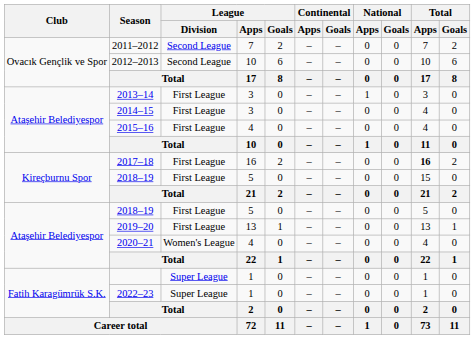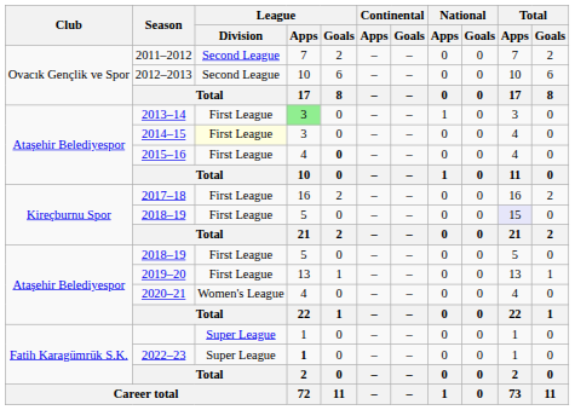 <table class="wikitable" style="text-align: center;">
 <tr>
 <th rowspan=2>Club</th>
 <th rowspan=2>Season</th>
 <th colspan=3>League</th>
 <th colspan=2>Continental</th>
 <th colspan=2>National</th>
 <th colspan=2>Total</th>
 </tr>
 <tr>
 <th>Division</th>
 <th>Apps</th>
 <th>Goals</th>
 <th>Apps</th>
 <th>Goals</th>
 <th>Apps</th>
 <th>Goals</th>
 <th>Apps</th>
 <th>Goals</th>
 </tr>
 <tr>
 <td rowspan=3>Ovacık Gençlik ve Spor</td>
 <td>2011–2012</td>
 <td><a href='#'>Second League</a></td>
 <td>7</td>
 <td>2</td>
 <td>–</td>
 <td>–</td>
 <td>0</td>
 <td>0</td>
 <td>7</td>
 <td>2</td>
 </tr>
 <tr>
 <td>2012–2013</td>
 <td>Second League</td>
 <td>10</td>
 <td>6</td>
 <td>–</td>
 <td>–</td>
 <td>0</td>
 <td>0</td>
 <td>10</td>
 <td>6</td>
 </tr>
 <tr>
 <th colspan=2>Total</th>
 <th>17</th>
 <th>8</th>
 <th>–</th>
 <th>–</th>
 <th>0</th>
 <th>0</th>
 <th>17</th>
 <th>8</th>
 </tr>
 <tr>
 <td rowspan=4><a href='#'>Ataşehir Belediyespor</a></td>
 <td><a href='#'>2013–14</a></td>
 <td>First League</td>
-<td>3</td>
+<td style="background: lightgreen;">3</td>
 <td>0</td>
 <td>–</td>
 <td>–</td>
 <td>1</td>
 <td>0</td>
 <td>3</td>
 <td>0</td>
 </tr>
 <tr>
 <td><a href='#'>2014–15</a></td>
-<td>First League</td>
+<td style="background: lightyellow;">First League</td>
 <td>3</td>
 <td>0</td>
 <td>–</td>
 <td>–</td>
 <td>0</td>
 <td>0</td>
 <td>4</td>
 <td>0</td>
 </tr>
 <tr>
 <td><a href='#'>2015–16</a></td>
 <td>First League</td>
 <td>4</td>
-<td>0</td>
+<td><strong>0</strong></td>
 <td>–</td>
 <td>–</td>
 <td>0</td>
 <td>0</td>
 <td>4</td>
 <td>0</td>
 </tr>
 <tr>
 <th colspan=2>Total</th>
 <th>10</th>
 <th>0</th>
 <th>–</th>
 <th>–</th>
 <th>1</th>
 <th>0</th>
 <th>11</th>
 <th>0</th>
 </tr>
 <tr>
 <td rowspan=3><a href='#'>Kireçburnu Spor</a></td>
 <td><a href='#'>2017–18</a></td>
 <td>First League</td>
 <td>16</td>
 <td>2</td>
 <td>–</td>
 <td>–</td>
 <td>0</td>
 <td>0</td>
-<td><strong>16</strong></td>
+<td>16</td>
 <td>2</td>
 </tr>
 <tr>
 <td><a href='#'>2018–19</a></td>
 <td>First League</td>
 <td>5</td>
 <td>0</td>
 <td>–</td>
 <td>–</td>
 <td>0</td>
 <td>0</td>
-<td>15</td>
+<td style="background: lavender;">15</td>
 <td>0</td>
 </tr>
 <tr>
 <th colspan=2>Total</th>
 <th>21</th>
 <th>2</th>
 <th>–</th>
 <th>–</th>
 <th>0</th>
 <th>0</th>
 <th>21</th>
 <th>2</th>
 </tr>
 <tr>
 <td rowspan=4><a href='#'>Ataşehir Belediyespor</a></td>
 <td><a href='#'>2018–19</a></td>
 <td>First League</td>
 <td>5</td>
 <td>0</td>
 <td>–</td>
 <td>–</td>
 <td>0</td>
 <td>0</td>
 <td>5</td>
 <td>0</td>
 </tr>
 <tr |->
 <td><a href='#'>2019–20</a></td>
 <td>First League</td>
 <td>13</td>
 <td>1</td>
 <td>–</td>
 <td>–</td>
 <td>0</td>
 <td>0</td>
 <td>13</td>
 <td>1</td>
 </tr>
 <tr>
 <td><a href='#'>2020–21</a></td>
 <td>Women's League</td>
 <td>4</td>
 <td>0</td>
 <td>–</td>
 <td>–</td>
 <td>0</td>
 <td>0</td>
 <td>4</td>
 <td>0</td>
 </tr>
 <tr>
 <th colspan=2>Total</th>
 <th>22</th>
 <th>1</th>
 <th>–</th>
 <th>–</th>
 <th>0</th>
 <th>0</th>
 <th>22</th>
 <th>1</th>
 </tr>
 <tr>
 <td rowspan=3><a href='#'>Fatih Karagümrük S.K.</a></td>
 <td></td>
 <td><a href='#'>Super League</a></td>
 <td>1</td>
 <td>0</td>
 <td>–</td>
 <td>–</td>
 <td>0</td>
 <td>0</td>
 <td>1</td>
 <td>0</td>
 </tr>
 <tr>
 <td><a href='#'>2022–23</a></td>
 <td>Super League</td>
-<td>1</td>
+<td><strong>1</strong></td>
 <td>0</td>
 <td>–</td>
 <td>–</td>
 <td>0</td>
 <td>0</td>
 <td>1</td>
 <td>0</td>
 </tr>
 <tr>
 <th colspan=2>Total</th>
 <th>2</th>
 <th>0</th>
 <th>–</th>
 <th>–</th>
 <th>0</th>
 <th>0</th>
 <th>2</th>
 <th>0</th>
 </tr>
 <tr>
 <th colspan=3>Career total</th>
 <th>72</th>
 <th>11</th>
 <th>–</th>
 <th>–</th>
 <th>1</th>
 <th>0</th>
 <th>73</th>
 <th>11</th>
 </tr>
 </table>
